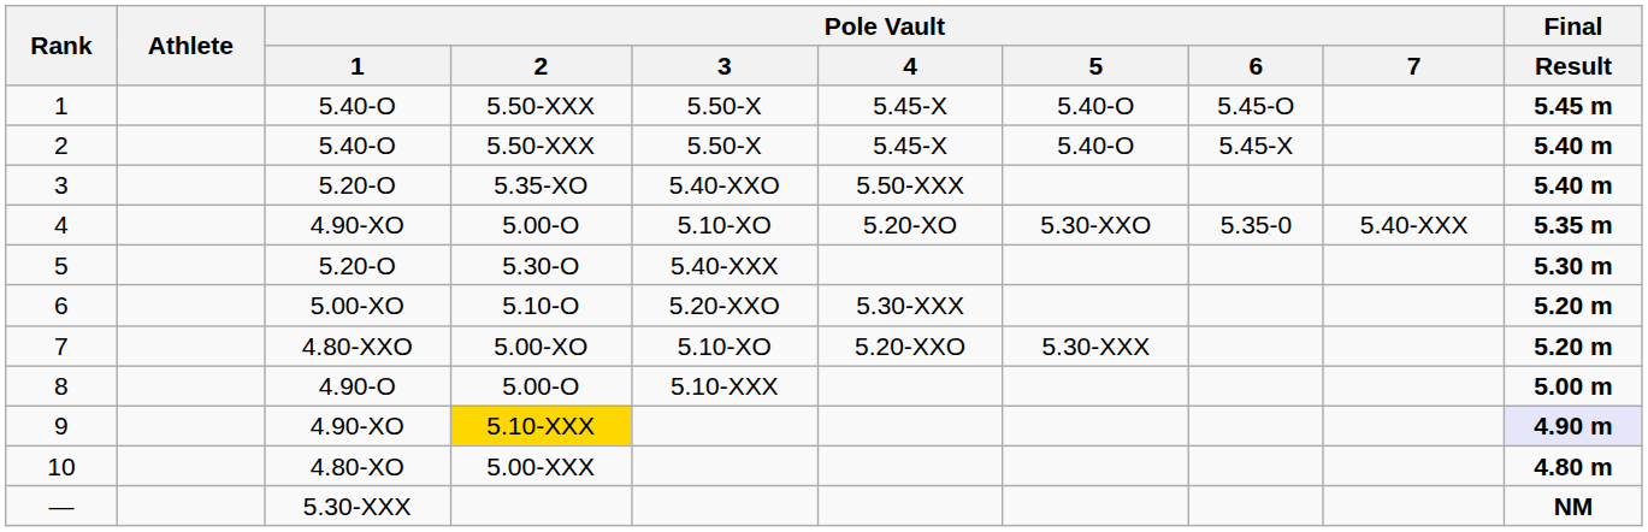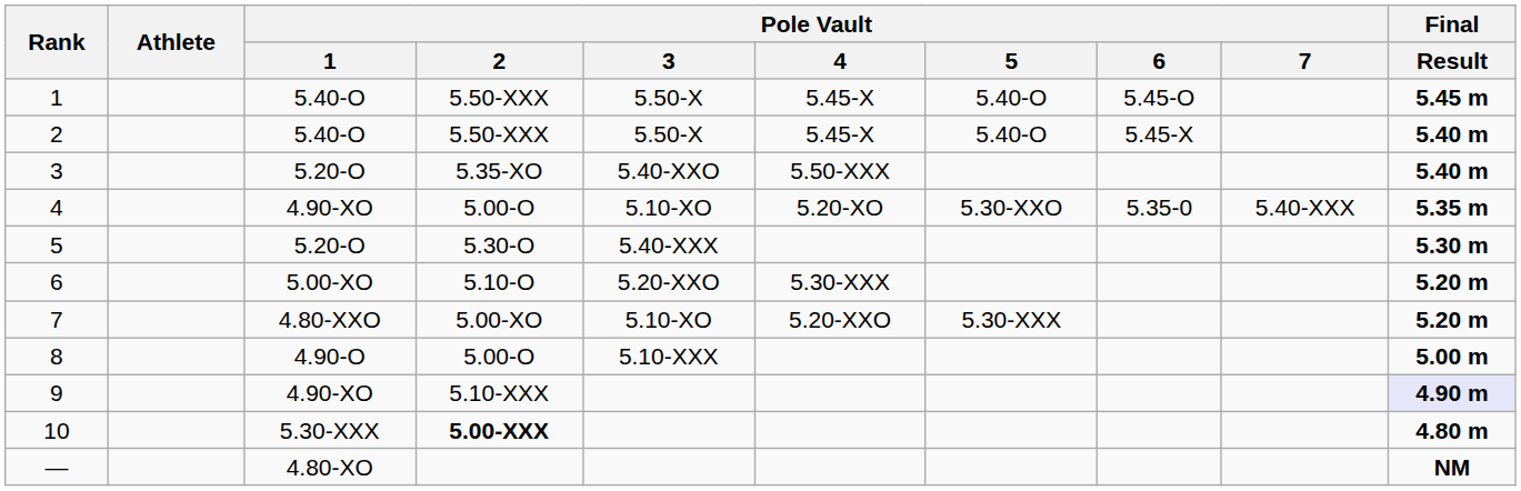 <table class="wikitable" style=" text-align:center; font-size:95%;" width="78%">
 <tr>
 <th rowspan="2">Rank</th>
 <th rowspan="2">Athlete</th>
 <th colspan="7">Pole Vault</th>
 <th>Final</th>
 </tr>
 <tr>
 <th>1</th>
 <th>2</th>
 <th>3</th>
 <th>4</th>
 <th>5</th>
 <th>6</th>
 <th>7</th>
 <th>Result</th>
 </tr>
 <tr>
 <td>1</td>
 <td align=left></td>
 <td>5.40-O</td>
 <td>5.50-XXX</td>
 <td>5.50-X</td>
 <td>5.45-X</td>
 <td>5.40-O</td>
 <td>5.45-O</td>
 <td></td>
 <td><strong>5.45 m    </strong></td>
 </tr>
 <tr>
 <td>2</td>
 <td align=left></td>
 <td>5.40-O</td>
 <td>5.50-XXX</td>
 <td>5.50-X</td>
 <td>5.45-X</td>
 <td>5.40-O</td>
 <td>5.45-X</td>
 <td></td>
 <td><strong>5.40 m    </strong></td>
 </tr>
 <tr>
 <td>3</td>
 <td align=left></td>
 <td>5.20-O</td>
 <td>5.35-XO</td>
 <td>5.40-XXO</td>
 <td>5.50-XXX</td>
 <td></td>
 <td></td>
 <td></td>
 <td><strong>5.40 m    </strong></td>
 </tr>
 <tr>
 <td>4</td>
 <td align=left></td>
 <td>4.90-XO</td>
 <td>5.00-O</td>
 <td>5.10-XO</td>
 <td>5.20-XO</td>
 <td>5.30-XXO</td>
 <td>5.35-0</td>
 <td>5.40-XXX</td>
 <td><strong>5.35 m</strong></td>
 </tr>
 <tr>
 <td>5</td>
 <td align=left></td>
 <td>5.20-O</td>
 <td>5.30-O</td>
 <td>5.40-XXX</td>
 <td></td>
 <td></td>
 <td></td>
 <td></td>
 <td><strong>5.30 m    </strong></td>
 </tr>
 <tr>
 <td>6</td>
 <td align=left></td>
 <td>5.00-XO</td>
 <td>5.10-O</td>
 <td>5.20-XXO</td>
 <td>5.30-XXX</td>
 <td></td>
 <td></td>
 <td></td>
 <td><strong>5.20 m    </strong></td>
 </tr>
 <tr>
 <td>7</td>
 <td align=left></td>
 <td>4.80-XXO</td>
 <td>5.00-XO</td>
 <td>5.10-XO</td>
 <td>5.20-XXO</td>
 <td>5.30-XXX</td>
 <td></td>
 <td></td>
 <td><strong>5.20 m    </strong></td>
 </tr>
 <tr>
 <td>8</td>
 <td align=left></td>
 <td>4.90-O</td>
 <td>5.00-O</td>
 <td>5.10-XXX</td>
 <td></td>
 <td></td>
 <td></td>
 <td></td>
 <td><strong>5.00 m    </strong></td>
 </tr>
 <tr>
 <td>9</td>
 <td align=left></td>
 <td>4.90-XO</td>
-<td style="background: gold;">5.10-XXX</td>
+<td>5.10-XXX</td>
 <td></td>
 <td></td>
 <td></td>
 <td></td>
 <td></td>
 <td style="background: lavender;"><strong>4.90 m    </strong></td>
 </tr>
 <tr>
 <td>10</td>
 <td align=left></td>
-<td>4.80-XO</td>
-<td>5.00-XXX</td>
+<td>5.30-XXX</td>
+<td><strong>5.00-XXX</strong></td>
 <td></td>
 <td></td>
 <td></td>
 <td></td>
 <td></td>
 <td><strong>4.80 m    </strong></td>
 </tr>
 <tr>
 <td>—</td>
 <td align=left></td>
-<td>5.30-XXX</td>
+<td>4.80-XO</td>
 <td></td>
 <td></td>
 <td></td>
 <td></td>
 <td></td>
 <td></td>
 <td><strong>NM</strong></td>
 </tr>
 </table>
